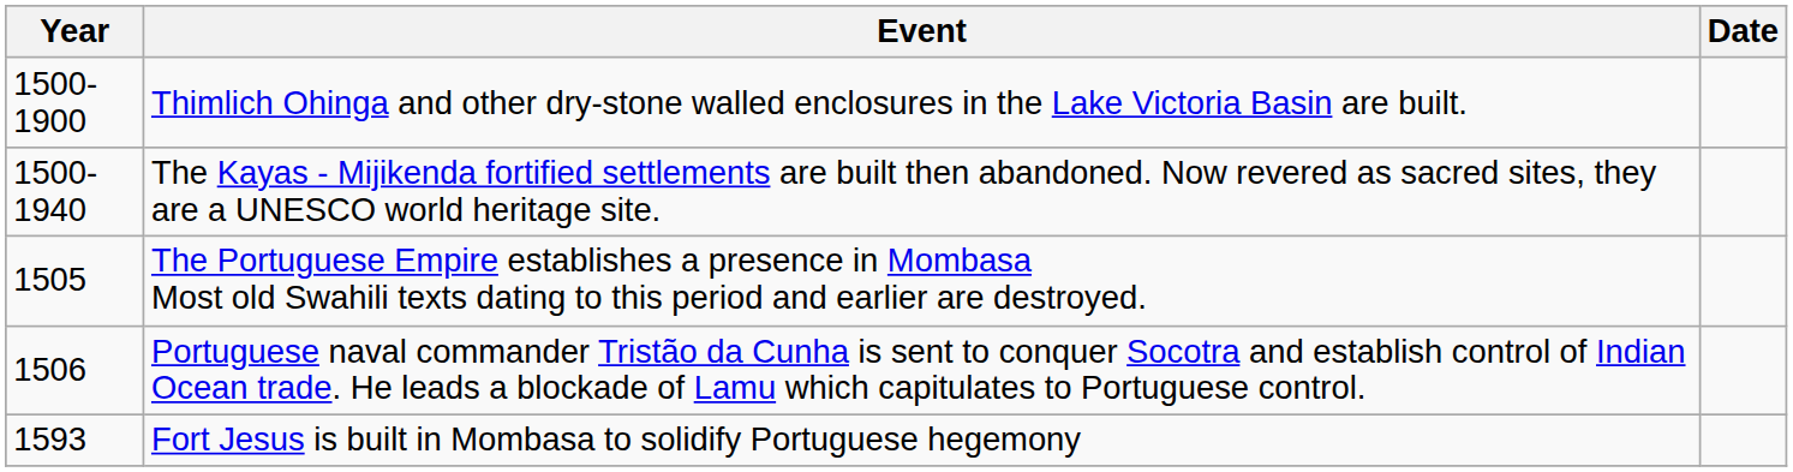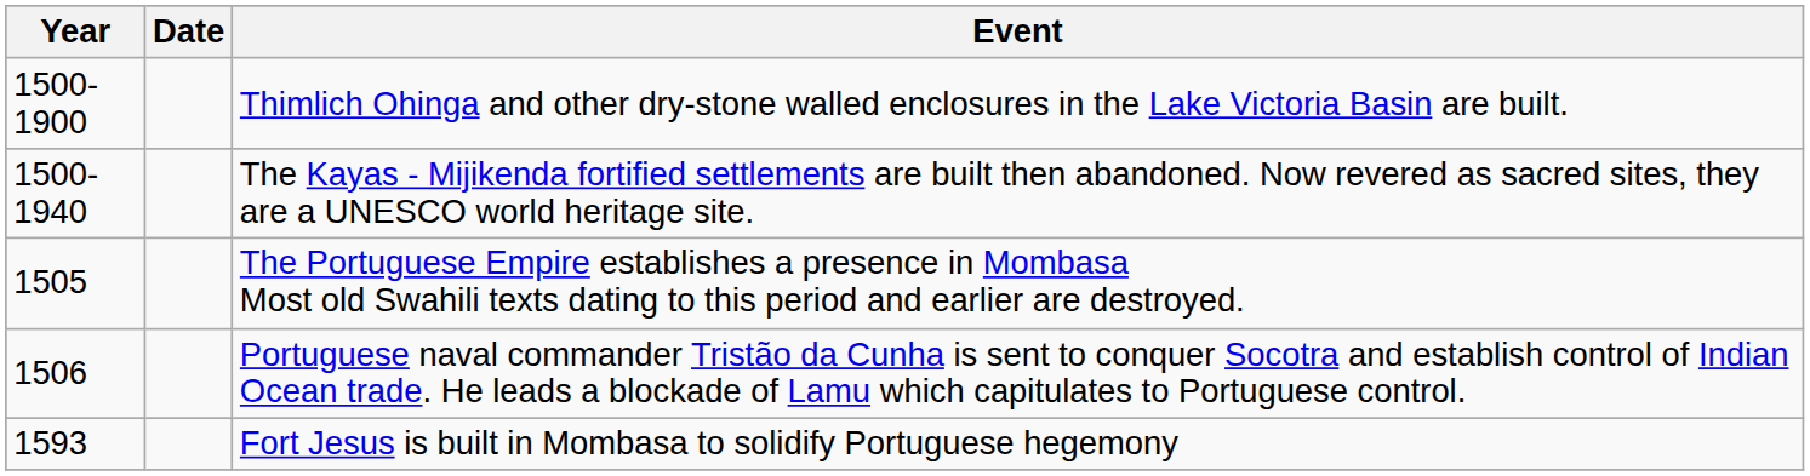 <table class="wikitable">
 <tr>
 <th>Year</th>
+<th>Date</th>
 <th>Event</th>
-<th>Date</th>
 </tr>
 <tr>
 <td>1500-1900</td>
+<td></td>
 <td><a href='#'>Thimlich Ohinga</a> and other dry-stone walled enclosures in the <a href='#'>Lake Victoria Basin</a> are built.</td>
-<td></td>
 </tr>
 <tr>
 <td>1500-1940</td>
+<td></td>
 <td>The <a href='#'>Kayas - Mijikenda fortified settlements</a> are built then abandoned. Now revered as sacred sites, they are a UNESCO world heritage site.</td>
-<td></td>
 </tr>
 <tr>
 <td>1505</td>
+<td></td>
 <td><a href='#'>The Portuguese Empire</a> establishes a presence in <a href='#'>Mombasa</a><br>Most old Swahili texts dating to this period and earlier are destroyed.</td>
-<td></td>
 </tr>
 <tr>
 <td>1506</td>
+<td></td>
 <td><a href='#'>Portuguese</a> naval commander <a href='#'>Tristão da Cunha</a> is sent to conquer <a href='#'>Socotra</a> and establish control of <a href='#'>Indian Ocean trade</a>. He leads a blockade of <a href='#'>Lamu</a> which capitulates to Portuguese control.</td>
-<td></td>
 </tr>
 <tr>
 <td>1593</td>
+<td></td>
 <td><a href='#'>Fort Jesus</a> is built in Mombasa to solidify Portuguese hegemony</td>
-<td></td>
 </tr>
 </table>
